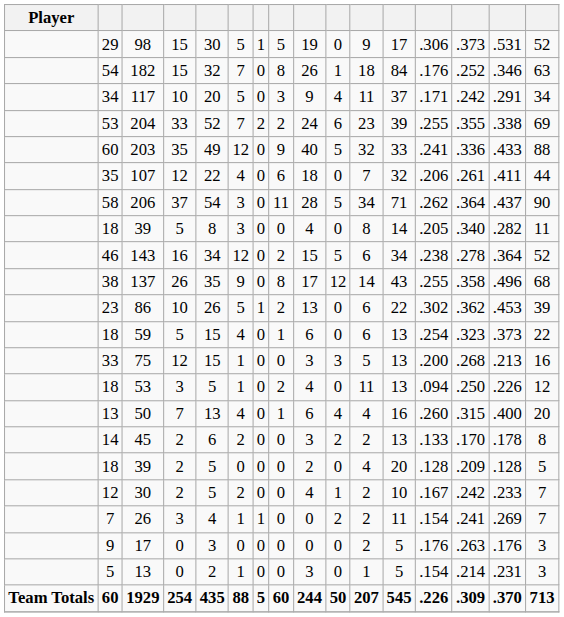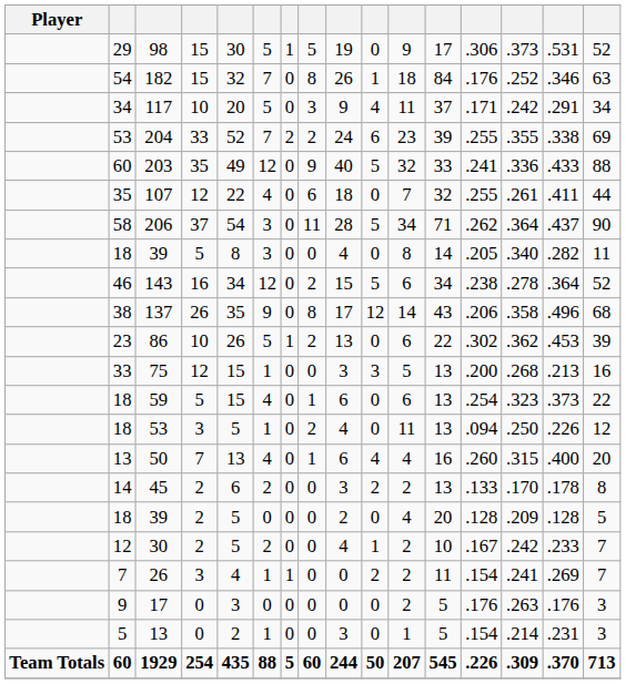 <table class="wikitable sortable" style="text-align:center;">
 <tr>
 <th>Player</th>
 <th></th>
 <th></th>
 <th></th>
 <th></th>
 <th></th>
 <th></th>
 <th></th>
 <th></th>
 <th></th>
 <th></th>
 <th></th>
 <th></th>
 <th></th>
 <th></th>
 <th></th>
 </tr>
 <tr>
 <td align=left></td>
 <td>29</td>
 <td>98</td>
 <td>15</td>
 <td>30</td>
 <td>5</td>
 <td>1</td>
 <td>5</td>
 <td>19</td>
 <td>0</td>
 <td>9</td>
 <td>17</td>
 <td>.306</td>
 <td>.373</td>
 <td>.531</td>
 <td>52</td>
 </tr>
 <tr>
 <td align=left></td>
 <td>54</td>
 <td>182</td>
 <td>15</td>
 <td>32</td>
 <td>7</td>
 <td>0</td>
 <td>8</td>
 <td>26</td>
 <td>1</td>
 <td>18</td>
 <td>84</td>
 <td>.176</td>
 <td>.252</td>
 <td>.346</td>
 <td>63</td>
 </tr>
 <tr>
 <td align=left></td>
 <td>34</td>
 <td>117</td>
 <td>10</td>
 <td>20</td>
 <td>5</td>
 <td>0</td>
 <td>3</td>
 <td>9</td>
 <td>4</td>
 <td>11</td>
 <td>37</td>
 <td>.171</td>
 <td>.242</td>
 <td>.291</td>
 <td>34</td>
 </tr>
 <tr>
 <td align=left></td>
 <td>53</td>
 <td>204</td>
 <td>33</td>
 <td>52</td>
 <td>7</td>
 <td>2</td>
 <td>2</td>
 <td>24</td>
 <td>6</td>
 <td>23</td>
 <td>39</td>
 <td>.255</td>
 <td>.355</td>
 <td>.338</td>
 <td>69</td>
 </tr>
 <tr>
 <td align=left></td>
 <td>60</td>
 <td>203</td>
 <td>35</td>
 <td>49</td>
 <td>12</td>
 <td>0</td>
 <td>9</td>
 <td>40</td>
 <td>5</td>
 <td>32</td>
 <td>33</td>
 <td>.241</td>
 <td>.336</td>
 <td>.433</td>
 <td>88</td>
 </tr>
 <tr>
 <td align=left></td>
 <td>35</td>
 <td>107</td>
 <td>12</td>
 <td>22</td>
 <td>4</td>
 <td>0</td>
 <td>6</td>
 <td>18</td>
 <td>0</td>
 <td>7</td>
 <td>32</td>
-<td>.206</td>
+<td>.255</td>
 <td>.261</td>
 <td>.411</td>
 <td>44</td>
 </tr>
 <tr>
 <td align=left></td>
 <td>58</td>
 <td>206</td>
 <td>37</td>
 <td>54</td>
 <td>3</td>
 <td>0</td>
 <td>11</td>
 <td>28</td>
 <td>5</td>
 <td>34</td>
 <td>71</td>
 <td>.262</td>
 <td>.364</td>
 <td>.437</td>
 <td>90</td>
 </tr>
 <tr>
 <td align=left></td>
 <td>18</td>
 <td>39</td>
 <td>5</td>
 <td>8</td>
 <td>3</td>
 <td>0</td>
 <td>0</td>
 <td>4</td>
 <td>0</td>
 <td>8</td>
 <td>14</td>
 <td>.205</td>
 <td>.340</td>
 <td>.282</td>
 <td>11</td>
 </tr>
 <tr>
 <td align=left></td>
 <td>46</td>
 <td>143</td>
 <td>16</td>
 <td>34</td>
 <td>12</td>
 <td>0</td>
 <td>2</td>
 <td>15</td>
 <td>5</td>
 <td>6</td>
 <td>34</td>
 <td>.238</td>
 <td>.278</td>
 <td>.364</td>
 <td>52</td>
 </tr>
 <tr>
 <td align=left></td>
 <td>38</td>
 <td>137</td>
 <td>26</td>
 <td>35</td>
 <td>9</td>
 <td>0</td>
 <td>8</td>
 <td>17</td>
 <td>12</td>
 <td>14</td>
 <td>43</td>
-<td>.255</td>
+<td>.206</td>
 <td>.358</td>
 <td>.496</td>
 <td>68</td>
 </tr>
 <tr>
 <td align=left></td>
 <td>23</td>
 <td>86</td>
 <td>10</td>
 <td>26</td>
 <td>5</td>
 <td>1</td>
 <td>2</td>
 <td>13</td>
 <td>0</td>
 <td>6</td>
 <td>22</td>
 <td>.302</td>
 <td>.362</td>
 <td>.453</td>
 <td>39</td>
 </tr>
 <tr>
 <td align=left></td>
+<td>33</td>
+<td>75</td>
+<td>12</td>
+<td>15</td>
+<td>1</td>
+<td>0</td>
+<td>0</td>
+<td>3</td>
+<td>3</td>
+<td>5</td>
+<td>13</td>
+<td>.200</td>
+<td>.268</td>
+<td>.213</td>
+<td>16</td>
+</tr>
+<tr>
+<td align=left></td>
 <td>18</td>
 <td>59</td>
 <td>5</td>
 <td>15</td>
 <td>4</td>
 <td>0</td>
 <td>1</td>
 <td>6</td>
 <td>0</td>
 <td>6</td>
 <td>13</td>
 <td>.254</td>
 <td>.323</td>
 <td>.373</td>
 <td>22</td>
-</tr>
-<tr>
-<td align=left></td>
-<td>33</td>
-<td>75</td>
-<td>12</td>
-<td>15</td>
-<td>1</td>
-<td>0</td>
-<td>0</td>
-<td>3</td>
-<td>3</td>
-<td>5</td>
-<td>13</td>
-<td>.200</td>
-<td>.268</td>
-<td>.213</td>
-<td>16</td>
 </tr>
 <tr>
 <td align=left></td>
 <td>18</td>
 <td>53</td>
 <td>3</td>
 <td>5</td>
 <td>1</td>
 <td>0</td>
 <td>2</td>
 <td>4</td>
 <td>0</td>
 <td>11</td>
 <td>13</td>
 <td>.094</td>
 <td>.250</td>
 <td>.226</td>
 <td>12</td>
 </tr>
 <tr>
 <td align=left></td>
 <td>13</td>
 <td>50</td>
 <td>7</td>
 <td>13</td>
 <td>4</td>
 <td>0</td>
 <td>1</td>
 <td>6</td>
 <td>4</td>
 <td>4</td>
 <td>16</td>
 <td>.260</td>
 <td>.315</td>
 <td>.400</td>
 <td>20</td>
 </tr>
 <tr>
 <td align=left></td>
 <td>14</td>
 <td>45</td>
 <td>2</td>
 <td>6</td>
 <td>2</td>
 <td>0</td>
 <td>0</td>
 <td>3</td>
 <td>2</td>
 <td>2</td>
 <td>13</td>
 <td>.133</td>
 <td>.170</td>
 <td>.178</td>
 <td>8</td>
 </tr>
 <tr>
 <td align=left></td>
 <td>18</td>
 <td>39</td>
 <td>2</td>
 <td>5</td>
 <td>0</td>
 <td>0</td>
 <td>0</td>
 <td>2</td>
 <td>0</td>
 <td>4</td>
 <td>20</td>
 <td>.128</td>
 <td>.209</td>
 <td>.128</td>
 <td>5</td>
 </tr>
 <tr>
 <td align=left></td>
 <td>12</td>
 <td>30</td>
 <td>2</td>
 <td>5</td>
 <td>2</td>
 <td>0</td>
 <td>0</td>
 <td>4</td>
 <td>1</td>
 <td>2</td>
 <td>10</td>
 <td>.167</td>
 <td>.242</td>
 <td>.233</td>
 <td>7</td>
 </tr>
 <tr>
 <td align=left></td>
 <td>7</td>
 <td>26</td>
 <td>3</td>
 <td>4</td>
 <td>1</td>
 <td>1</td>
 <td>0</td>
 <td>0</td>
 <td>2</td>
 <td>2</td>
 <td>11</td>
 <td>.154</td>
 <td>.241</td>
 <td>.269</td>
 <td>7</td>
 </tr>
 <tr>
 <td align=left></td>
 <td>9</td>
 <td>17</td>
 <td>0</td>
 <td>3</td>
 <td>0</td>
 <td>0</td>
 <td>0</td>
 <td>0</td>
 <td>0</td>
 <td>2</td>
 <td>5</td>
 <td>.176</td>
 <td>.263</td>
 <td>.176</td>
 <td>3</td>
 </tr>
 <tr>
 <td align=left></td>
 <td>5</td>
 <td>13</td>
 <td>0</td>
 <td>2</td>
 <td>1</td>
 <td>0</td>
 <td>0</td>
 <td>3</td>
 <td>0</td>
 <td>1</td>
 <td>5</td>
 <td>.154</td>
 <td>.214</td>
 <td>.231</td>
 <td>3</td>
 </tr>
 <tr>
 <td align=left><strong>Team Totals</strong></td>
 <td><strong>60</strong></td>
 <td><strong>1929</strong></td>
 <td><strong>254</strong></td>
 <td><strong>435</strong></td>
 <td><strong>88</strong></td>
 <td><strong>5</strong></td>
 <td><strong>60</strong></td>
 <td><strong>244</strong></td>
 <td><strong>50</strong></td>
 <td><strong>207</strong></td>
 <td><strong>545</strong></td>
 <td><strong>.226</strong></td>
 <td><strong>.309</strong></td>
 <td><strong>.370</strong></td>
 <td><strong>713</strong></td>
 </tr>
 <tr class="sortbottom|}">
 </tr>
 </table>
